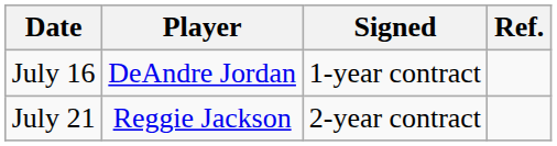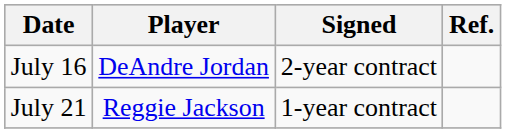 <table class="wikitable sortable sortable" style="text-align: center">
 <tr>
 <th>Date</th>
 <th>Player</th>
 <th>Signed</th>
 <th>Ref.</th>
 </tr>
 <tr>
 <td>July 16</td>
 <td><a href='#'>DeAndre Jordan</a></td>
-<td>1-year contract</td>
+<td>2-year contract</td>
 <td></td>
 </tr>
 <tr>
 <td>July 21</td>
 <td><a href='#'>Reggie Jackson</a></td>
-<td>2-year contract</td>
+<td>1-year contract</td>
 <td></td>
 </tr>
 </table>
